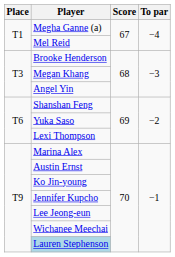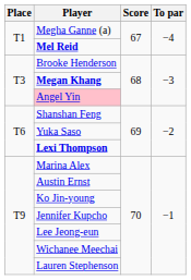 <table class="wikitable">
 <tr>
 <th>Place</th>
 <th>Player</th>
 <th>Score</th>
 <th>To par</th>
 </tr>
 <tr>
 <td align=center rowspan=2>T1</td>
 <td> <a href='#'>Megha Ganne</a> (a)</td>
 <td align=center rowspan=2>67</td>
 <td align=center rowspan=2>−4</td>
 </tr>
 <tr>
-<td> <a href='#'>Mel Reid</a></td>
+<td><strong> <a href='#'>Mel Reid</a></strong></td>
 </tr>
 <tr>
 <td align=center rowspan=3>T3</td>
 <td> <a href='#'>Brooke Henderson</a></td>
 <td align=center rowspan=3>68</td>
 <td align=center rowspan=3>−3</td>
 </tr>
 <tr>
-<td> <a href='#'>Megan Khang</a></td>
+<td><strong> <a href='#'>Megan Khang</a></strong></td>
 </tr>
 <tr>
-<td> <a href='#'>Angel Yin</a></td>
+<td style="background: pink;"> <a href='#'>Angel Yin</a></td>
 </tr>
 <tr>
 <td align=center rowspan=3>T6</td>
 <td> <a href='#'>Shanshan Feng</a></td>
 <td align=center rowspan=3>69</td>
 <td align=center rowspan=3>−2</td>
 </tr>
 <tr>
 <td> <a href='#'>Yuka Saso</a></td>
 </tr>
 <tr>
-<td> <a href='#'>Lexi Thompson</a></td>
+<td><strong> <a href='#'>Lexi Thompson</a></strong></td>
 </tr>
 <tr>
 <td align=center rowspan=7>T9</td>
 <td> <a href='#'>Marina Alex</a></td>
 <td align=center rowspan=7>70</td>
 <td align=center rowspan=7>−1</td>
 </tr>
 <tr>
 <td> <a href='#'>Austin Ernst</a></td>
 </tr>
 <tr>
 <td> <a href='#'>Ko Jin-young</a></td>
 </tr>
 <tr>
 <td> <a href='#'>Jennifer Kupcho</a></td>
 </tr>
 <tr>
 <td> <a href='#'>Lee Jeong-eun</a></td>
 </tr>
 <tr>
 <td> <a href='#'>Wichanee Meechai</a></td>
 </tr>
 <tr>
-<td style="background: lightblue;"> <a href='#'>Lauren Stephenson</a></td>
+<td> <a href='#'>Lauren Stephenson</a></td>
 </tr>
 </table>
